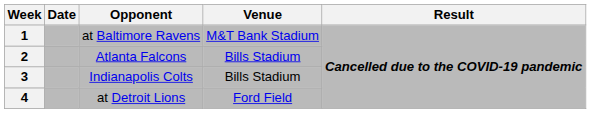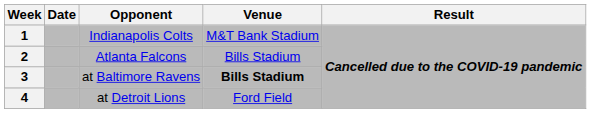 <table class="wikitable" style="text-align:center">
 <tr>
 <th>Week</th>
 <th>Date</th>
 <th>Opponent</th>
 <th>Venue</th>
 <th>Result</th>
 </tr>
 <tr style="background:#bababa">
 <th>1</th>
 <td></td>
-<td>at <a href='#'>Baltimore Ravens</a></td>
+<td><a href='#'>Indianapolis Colts</a></td>
 <td><a href='#'>M&T Bank Stadium</a></td>
 <td rowspan=4><strong><em>Cancelled due to the COVID-19 pandemic</em></strong></td>
 </tr>
 <tr style="background:#bababa">
 <th>2</th>
 <td></td>
 <td><a href='#'>Atlanta Falcons</a></td>
 <td><a href='#'>Bills Stadium</a></td>
 </tr>
 <tr style="background:#bababa">
 <th>3</th>
 <td></td>
-<td><a href='#'>Indianapolis Colts</a></td>
-<td>Bills Stadium</td>
+<td>at <a href='#'>Baltimore Ravens</a></td>
+<td><strong>Bills Stadium</strong></td>
 </tr>
 <tr style="background:#bababa">
 <th>4</th>
 <td></td>
 <td>at <a href='#'>Detroit Lions</a></td>
 <td><a href='#'>Ford Field</a></td>
 </tr>
 </table>
